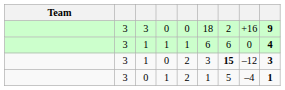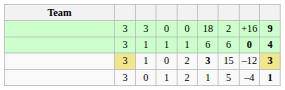 <table class="wikitable" style="text-align: center;">
 <tr>
 <th width=165>Team</th>
 <th width=25></th>
 <th width=25></th>
 <th width=25></th>
 <th width=25></th>
 <th width=25></th>
 <th width=25></th>
 <th width=25></th>
 <th width=25></th>
 </tr>
 <tr style="background:#ccffcc;">
 <td style="text-align:left;"></td>
 <td>3</td>
 <td>3</td>
 <td>0</td>
 <td>0</td>
 <td>18</td>
 <td>2</td>
 <td>+16</td>
 <td><strong>9</strong></td>
 </tr>
 <tr style="background:#ccffcc;">
 <td style="text-align:left;"></td>
 <td>3</td>
 <td>1</td>
 <td>1</td>
 <td>1</td>
 <td>6</td>
 <td>6</td>
-<td>0</td>
+<td><strong>0</strong></td>
 <td><strong>4</strong></td>
 </tr>
 <tr align=center>
 <td style="text-align:left;"></td>
-<td>3</td>
+<td style="background: khaki;">3</td>
 <td>1</td>
 <td>0</td>
 <td>2</td>
-<td>3</td>
-<td><strong>15</strong></td>
+<td><strong>3</strong></td>
+<td>15</td>
 <td>–12</td>
-<td><strong>3</strong></td>
+<td style="background: khaki;"><strong>3</strong></td>
 </tr>
 <tr align=center>
 <td style="text-align:left;"></td>
 <td>3</td>
 <td>0</td>
 <td>1</td>
 <td>2</td>
 <td>1</td>
 <td>5</td>
 <td>–4</td>
 <td><strong>1</strong></td>
 </tr>
 </table>
